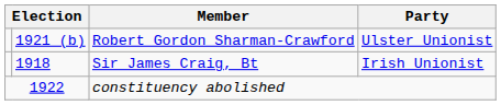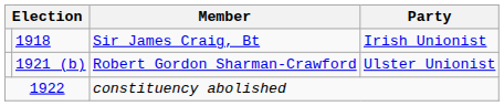 <table class="wikitable">
 <tr>
 <th colspan="2">Election</th>
 <th>Member</th>
 <th>Party</th>
 </tr>
 <tr>
 <td style="color:inherit;background-color: "></td>
+<td><a href='#'>1918</a></td>
+<td><a href='#'>Sir James Craig, Bt</a></td>
+<td><a href='#'>Irish Unionist</a></td>
+</tr>
+<tr>
+<td style="color:inherit;background-color: "></td>
 <td><a href='#'>1921 (b)</a></td>
 <td><a href='#'>Robert Gordon Sharman-Crawford</a></td>
 <td><a href='#'>Ulster Unionist</a></td>
-</tr>
-<tr>
-<td style="color:inherit;background-color: "></td>
-<td><a href='#'>1918</a></td>
-<td><a href='#'>Sir James Craig, Bt</a></td>
-<td><a href='#'>Irish Unionist</a></td>
 </tr>
 <tr>
 <td colspan="2" align="center"><a href='#'>1922</a></td>
 <td colspan="2"><em>constituency abolished</em></td>
 </tr>
 </table>
